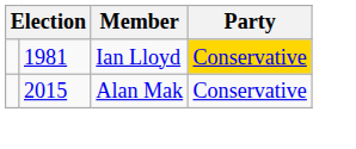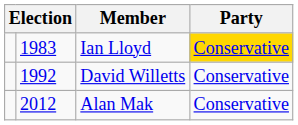 <table class="wikitable">
 <tr>
 <th colspan="2">Election</th>
 <th>Member</th>
 <th>Party</th>
 </tr>
 <tr>
 <td style="color:inherit;background-color: "></td>
-<td><a href='#'>1981</a></td>
+<td><a href='#'>1983</a></td>
 <td><a href='#'>Ian Lloyd</a></td>
 <td style="background: gold;"><a href='#'>Conservative</a></td>
 </tr>
 <tr>
 <td style="color:inherit;background-color: "></td>
-<td><a href='#'>2015</a></td>
+<td><a href='#'>1992</a></td>
+<td><a href='#'>David Willetts</a></td>
+<td><a href='#'>Conservative</a></td>
+</tr>
+<tr>
+<td style="color:inherit;background-color: "></td>
+<td><a href='#'>2012</a></td>
 <td><a href='#'>Alan Mak</a></td>
 <td><a href='#'>Conservative</a></td>
 </tr>
 </table>
